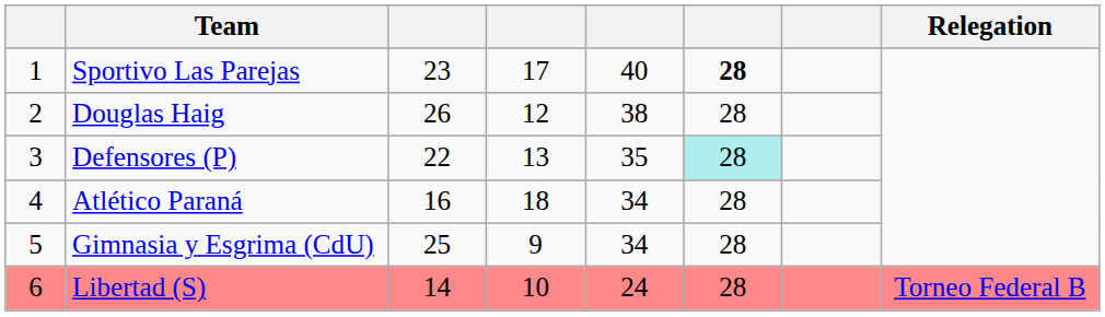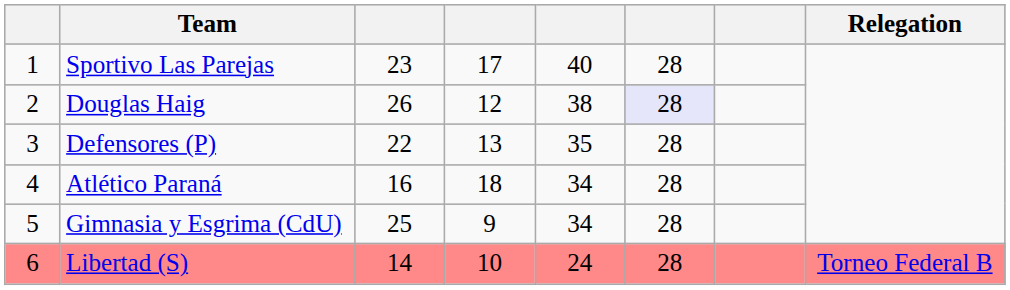 <table class="wikitable" style="text-align: center;">
 <tr>
 <th width=28><br></th>
 <th width=180>Team</th>
 <th width=50></th>
 <th width=50></th>
 <th width=50></th>
 <th width=50></th>
 <th width=50><br></th>
 <th width=120>Relegation</th>
 </tr>
 <tr>
 <td>1</td>
 <td align="left"><a href='#'>Sportivo Las Parejas</a></td>
 <td>23</td>
 <td>17</td>
 <td>40</td>
-<td><strong>28</strong></td>
+<td>28</td>
 <td><strong></strong></td>
 <td rowspan=5></td>
 </tr>
 <tr>
 <td>2</td>
 <td align="left"><a href='#'>Douglas Haig</a></td>
 <td>26</td>
 <td>12</td>
 <td>38</td>
-<td>28</td>
+<td style="background: lavender;">28</td>
 <td><strong></strong></td>
 </tr>
 <tr>
 <td>3</td>
 <td align="left"><a href='#'>Defensores (P)</a></td>
 <td>22</td>
 <td>13</td>
 <td>35</td>
-<td style="background: paleturquoise;">28</td>
+<td>28</td>
 <td><strong></strong></td>
 </tr>
 <tr>
 <td>4</td>
 <td align="left"><a href='#'>Atlético Paraná</a></td>
 <td>16</td>
 <td>18</td>
 <td>34</td>
 <td>28</td>
 <td><strong></strong></td>
 </tr>
 <tr>
 <td>5</td>
 <td align="left"><a href='#'>Gimnasia y Esgrima (CdU)</a></td>
 <td>25</td>
 <td>9</td>
 <td>34</td>
 <td>28</td>
 <td><strong></strong></td>
 </tr>
 <tr bgcolor=#FF8888>
 <td>6</td>
 <td align="left"><a href='#'>Libertad (S)</a></td>
 <td>14</td>
 <td>10</td>
 <td>24</td>
 <td>28</td>
 <td><strong></strong></td>
 <td><a href='#'>Torneo Federal B</a></td>
 </tr>
 </table>
